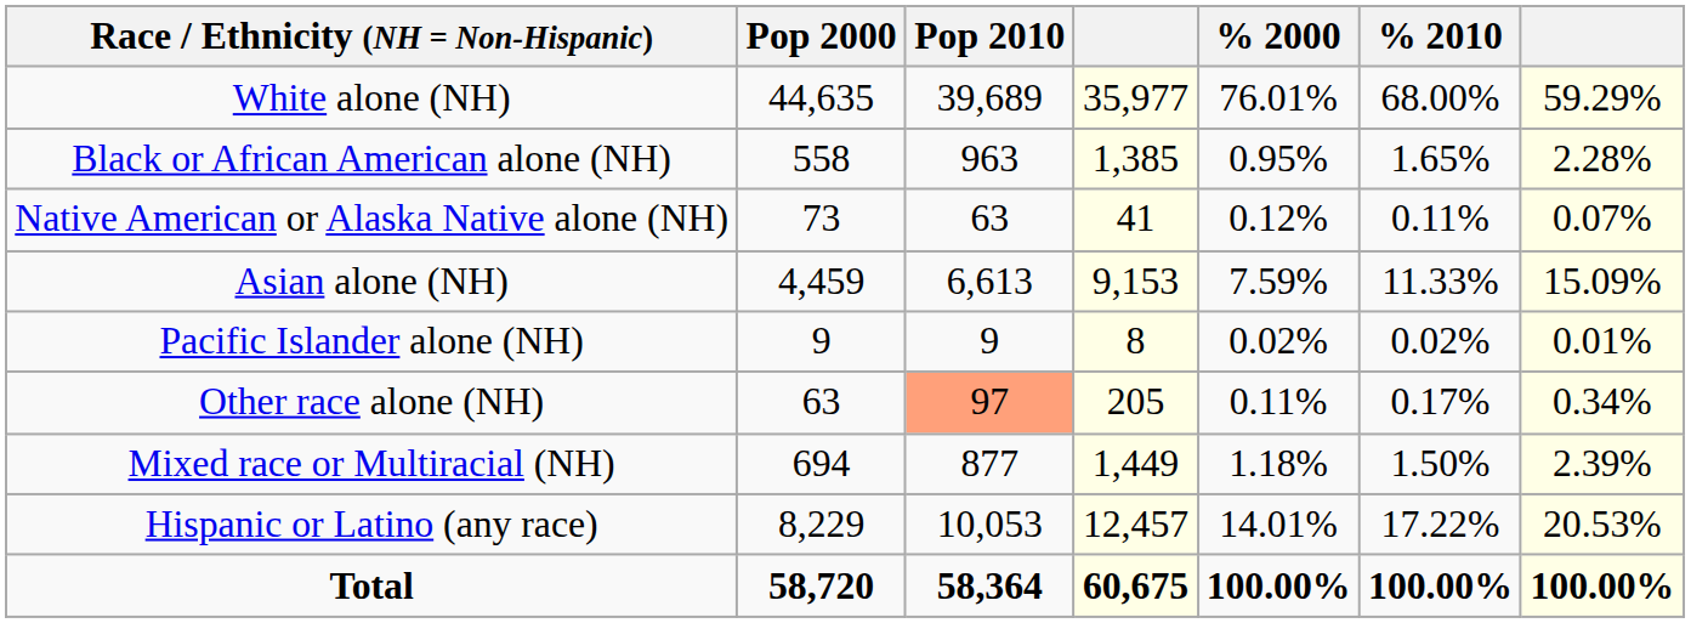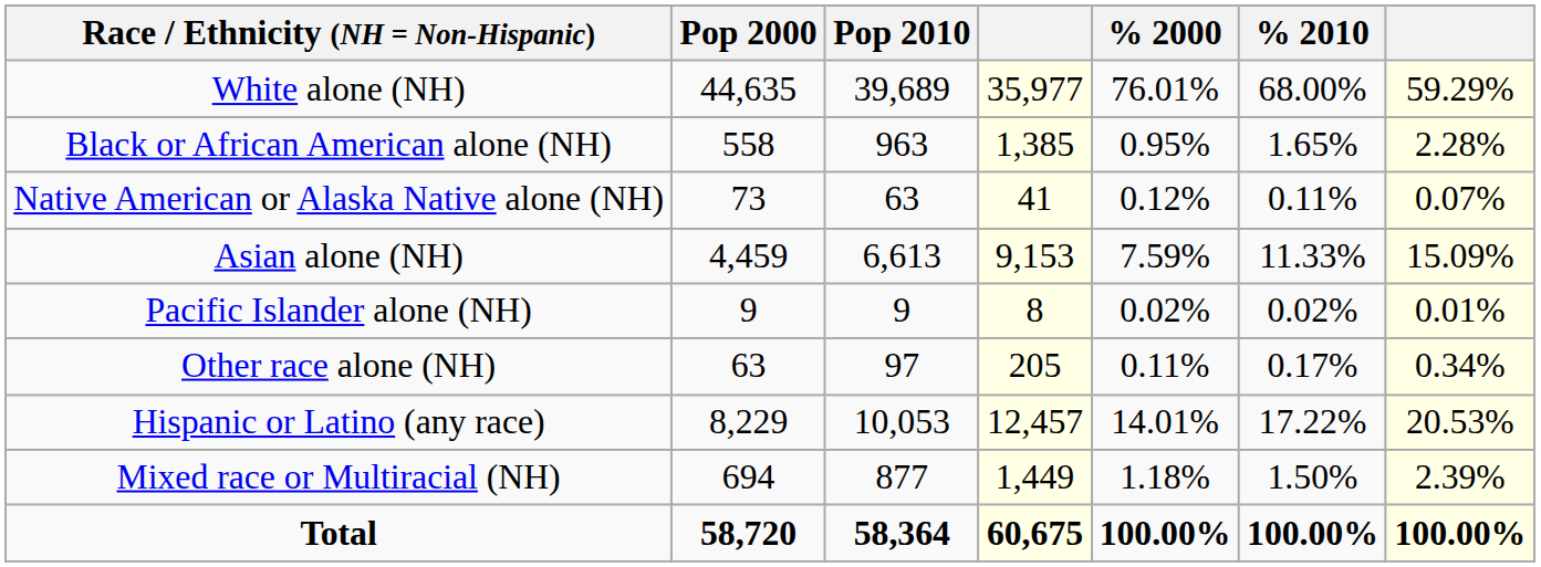 <table class="wikitable" style="text-align:center;">
 <tr>
 <th>Race / Ethnicity <small>(<em>NH = Non-Hispanic</em>)</small></th>
 <th>Pop 2000</th>
 <th>Pop 2010</th>
 <th></th>
 <th>% 2000</th>
 <th>% 2010</th>
 <th></th>
 </tr>
 <tr>
 <td><a href='#'>White</a> alone (NH)</td>
 <td>44,635</td>
 <td>39,689</td>
 <td style='background: #ffffe6;'>35,977</td>
 <td>76.01%</td>
 <td>68.00%</td>
 <td style='background: #ffffe6;'>59.29%</td>
 </tr>
 <tr>
 <td><a href='#'>Black or African American</a> alone (NH)</td>
 <td>558</td>
 <td>963</td>
 <td style='background: #ffffe6;'>1,385</td>
 <td>0.95%</td>
 <td>1.65%</td>
 <td style='background: #ffffe6;'>2.28%</td>
 </tr>
 <tr>
 <td><a href='#'>Native American</a> or <a href='#'>Alaska Native</a> alone (NH)</td>
 <td>73</td>
 <td>63</td>
 <td style='background: #ffffe6;'>41</td>
 <td>0.12%</td>
 <td>0.11%</td>
 <td style='background: #ffffe6;'>0.07%</td>
 </tr>
 <tr>
 <td><a href='#'>Asian</a> alone (NH)</td>
 <td>4,459</td>
 <td>6,613</td>
 <td style='background: #ffffe6;'>9,153</td>
 <td>7.59%</td>
 <td>11.33%</td>
 <td style='background: #ffffe6;'>15.09%</td>
 </tr>
 <tr>
 <td><a href='#'>Pacific Islander</a> alone (NH)</td>
 <td>9</td>
 <td>9</td>
 <td style='background: #ffffe6;'>8</td>
 <td>0.02%</td>
 <td>0.02%</td>
 <td style='background: #ffffe6;'>0.01%</td>
 </tr>
 <tr>
 <td><a href='#'>Other race</a> alone (NH)</td>
 <td>63</td>
-<td style="background: lightsalmon;">97</td>
+<td>97</td>
 <td style='background: #ffffe6;'>205</td>
 <td>0.11%</td>
 <td>0.17%</td>
 <td style='background: #ffffe6;'>0.34%</td>
+</tr>
+<tr>
+<td><a href='#'>Hispanic or Latino</a> (any race)</td>
+<td>8,229</td>
+<td>10,053</td>
+<td style='background: #ffffe6;'>12,457</td>
+<td>14.01%</td>
+<td>17.22%</td>
+<td style='background: #ffffe6;'>20.53%</td>
 </tr>
 <tr>
 <td><a href='#'>Mixed race or Multiracial</a> (NH)</td>
 <td>694</td>
 <td>877</td>
 <td style='background: #ffffe6;'>1,449</td>
 <td>1.18%</td>
 <td>1.50%</td>
 <td style='background: #ffffe6;'>2.39%</td>
 </tr>
 <tr>
-<td><a href='#'>Hispanic or Latino</a> (any race)</td>
-<td>8,229</td>
-<td>10,053</td>
-<td style='background: #ffffe6;'>12,457</td>
-<td>14.01%</td>
-<td>17.22%</td>
-<td style='background: #ffffe6;'>20.53%</td>
-</tr>
-<tr>
 <td><strong>Total</strong></td>
 <td><strong>58,720</strong></td>
 <td><strong>58,364</strong></td>
 <td style='background: #ffffe6;'><strong>60,675</strong></td>
 <td><strong>100.00%</strong></td>
 <td><strong>100.00%</strong></td>
 <td style='background: #ffffe6;'><strong>100.00%</strong></td>
 </tr>
 </table>
